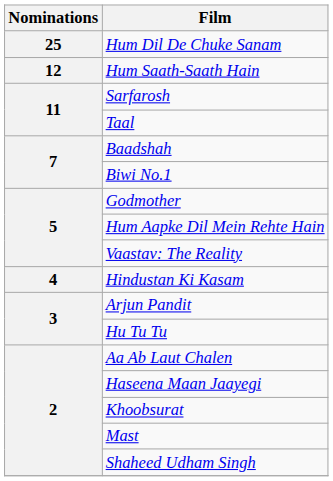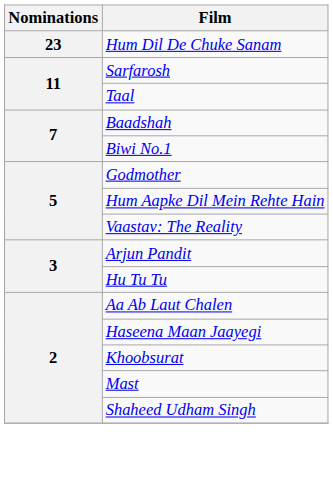 <table class="wikitable" style="display:inline-table;">
 <tr>
 <th>Nominations</th>
 <th>Film</th>
 </tr>
 <tr>
-<th>25</th>
+<th>23</th>
 <td><em><a href='#'>Hum Dil De Chuke Sanam</a></em></td>
-</tr>
-<tr>
-<th>12</th>
-<td><em><a href='#'>Hum Saath-Saath Hain</a></em></td>
 </tr>
 <tr>
 <th rowspan="2">11</th>
 <td><em><a href='#'>Sarfarosh</a></em></td>
 </tr>
 <tr>
 <td><em><a href='#'>Taal</a></em></td>
 </tr>
 <tr>
 <th rowspan="2">7</th>
 <td><em><a href='#'>Baadshah</a></em></td>
 </tr>
 <tr>
 <td><em><a href='#'>Biwi No.1</a></em></td>
 </tr>
 <tr>
 <th rowspan="3">5</th>
 <td><em><a href='#'>Godmother</a></em></td>
 </tr>
 <tr>
 <td><em><a href='#'>Hum Aapke Dil Mein Rehte Hain</a></em></td>
 </tr>
 <tr>
 <td><em><a href='#'>Vaastav: The Reality</a></em></td>
-</tr>
-<tr>
-<th>4</th>
-<td><em><a href='#'>Hindustan Ki Kasam</a></em></td>
 </tr>
 <tr>
 <th rowspan="2">3</th>
 <td><em><a href='#'>Arjun Pandit</a></em></td>
 </tr>
 <tr>
 <td><em><a href='#'>Hu Tu Tu</a></em></td>
 </tr>
 <tr>
 <th rowspan="5">2</th>
 <td><em><a href='#'>Aa Ab Laut Chalen</a></em></td>
 </tr>
 <tr>
 <td><em><a href='#'>Haseena Maan Jaayegi</a></em></td>
 </tr>
 <tr>
 <td><em><a href='#'>Khoobsurat</a></em></td>
 </tr>
 <tr>
 <td><em><a href='#'>Mast</a></em></td>
 </tr>
 <tr>
 <td><em><a href='#'>Shaheed Udham Singh</a></em></td>
 </tr>
 <tr>
 </tr>
 </table>
